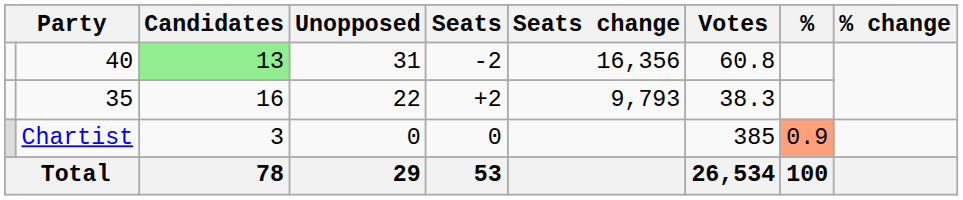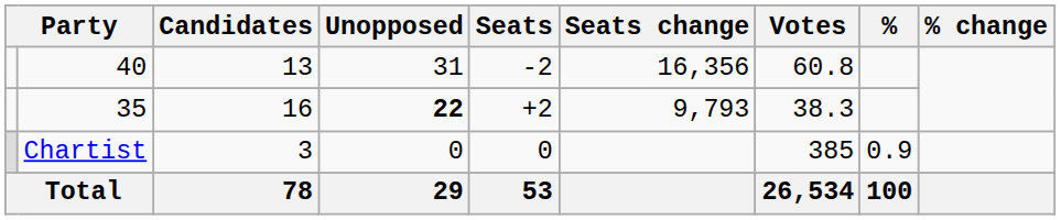 <table class="wikitable sortable">
 <tr>
 <th colspan=2>Party</th>
 <th>Candidates</th>
 <th>Unopposed</th>
 <th>Seats</th>
 <th>Seats change</th>
 <th>Votes</th>
 <th>%</th>
 <th>% change</th>
 </tr>
 <tr>
 <td></td>
 <td align=right>40</td>
-<td align=right style="background: lightgreen;">13</td>
+<td align=right>13</td>
 <td align=right>31</td>
 <td align=right>-2</td>
 <td align=right>16,356</td>
 <td align=right>60.8</td>
 <td align=right></td>
 </tr>
 <tr>
 <td></td>
 <td align=right>35</td>
 <td align=right>16</td>
-<td align=right>22</td>
+<td align=right><strong>22</strong></td>
 <td align=right>+2</td>
 <td align=right>9,793</td>
 <td align=right>38.3</td>
 <td align=right></td>
 </tr>
 <tr>
 <td bgcolor="#DDDDDD"></td>
 <td><a href='#'>Chartist</a></td>
 <td align=right>3</td>
 <td align=right>0</td>
 <td align=right>0</td>
 <td align=right></td>
 <td align=right>385</td>
-<td align=right style="background: lightsalmon;">0.9</td>
+<td align=right>0.9</td>
 <td align=right></td>
 </tr>
 <tr class="sortbottom" style="font-weight: bold; text-align: right; background: #f2f2f2;">
 <th colspan="2" style="padding-left: 1.5em; text-align: left;">Total</th>
 <td align=right>78</td>
 <td align=right>29</td>
 <td align=right>53</td>
 <td align=right></td>
 <td align=right>26,534</td>
 <td align=right>100</td>
 <td align=right></td>
 </tr>
 </table>
